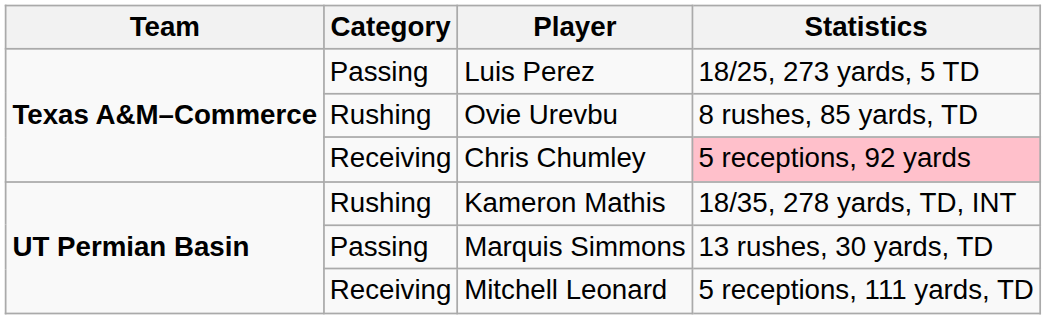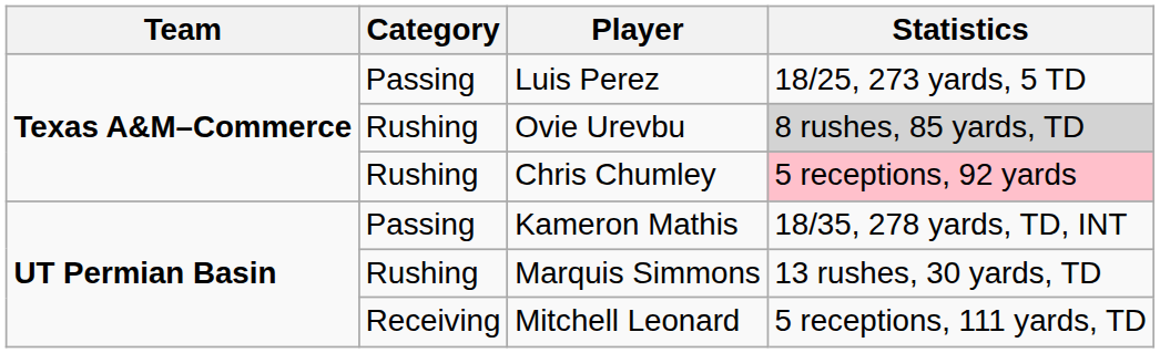 <table class="wikitable" style="float: right;">
 <tr>
 <th>Team</th>
 <th>Category</th>
 <th>Player</th>
 <th>Statistics</th>
 </tr>
 <tr>
 <td rowspan=3><strong>Texas A&M–Commerce</strong></td>
 <td>Passing</td>
 <td>Luis Perez</td>
 <td>18/25, 273 yards, 5 TD</td>
 </tr>
 <tr>
 <td>Rushing</td>
 <td>Ovie Urevbu</td>
-<td>8 rushes, 85 yards, TD</td>
+<td style="background: lightgrey;">8 rushes, 85 yards, TD</td>
 </tr>
 <tr>
-<td>Receiving</td>
+<td>Rushing</td>
 <td>Chris Chumley</td>
 <td style="background: pink;">5 receptions, 92 yards</td>
 </tr>
 <tr>
 <td rowspan=3><strong>UT Permian Basin</strong></td>
-<td>Rushing</td>
+<td>Passing</td>
 <td>Kameron Mathis</td>
 <td>18/35, 278 yards, TD, INT</td>
 </tr>
 <tr>
-<td>Passing</td>
+<td>Rushing</td>
 <td>Marquis Simmons</td>
 <td>13 rushes, 30 yards, TD</td>
 </tr>
 <tr>
 <td>Receiving</td>
 <td>Mitchell Leonard</td>
 <td>5 receptions, 111 yards, TD</td>
 </tr>
 </table>
